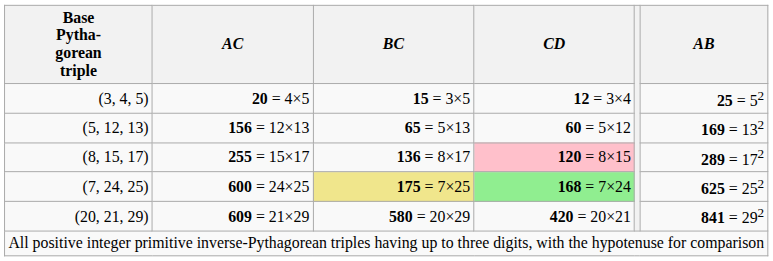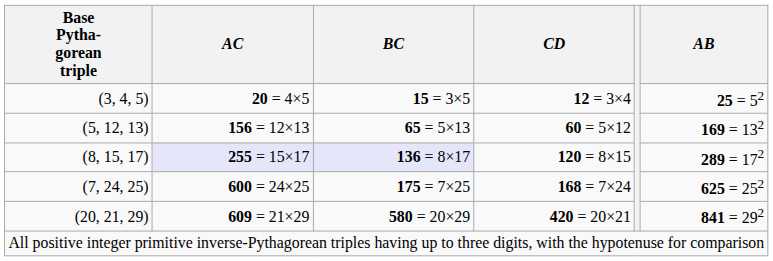 <table class="wikitable" style="text-align:right; float:right; clear:right; margin-left:1ex;">
 <tr>
 <th>Base<br>Pytha-<br>gorean<br>triple</th>
 <th><em>AC</em></th>
 <th><em>BC</em></th>
 <th><em>CD</em></th>
 <th rowspan="6" style="padding:1px;"></th>
 <th><em>AB</em></th>
 </tr>
 <tr>
 <td>(3, 4, 5)</td>
 <td><strong>20</strong> = 4×5</td>
 <td><strong>15</strong> = 3×5</td>
 <td><strong>12</strong> = 3×4</td>
 <td><strong>25</strong> = 5<sup>2</sup></td>
 </tr>
 <tr>
 <td>(5,       12,       13)</td>
 <td><strong>156</strong> =       12×13</td>
 <td><strong>65</strong> = 5×13</td>
 <td><strong>60</strong> = 5×12</td>
 <td><strong>169</strong> =       13<sup>2</sup></td>
 </tr>
 <tr>
 <td>(8,       15,       17)</td>
-<td><strong>255</strong> =       15×17</td>
-<td><strong>136</strong> = 8×17</td>
-<td style="background: pink;"><strong>120</strong> = 8×15</td>
+<td style="background: lavender;"><strong>255</strong> =       15×17</td>
+<td style="background: lavender;"><strong>136</strong> = 8×17</td>
+<td><strong>120</strong> = 8×15</td>
 <td><strong>289</strong> =       17<sup>2</sup></td>
 </tr>
 <tr>
 <td>(7,       24,       25)</td>
 <td><strong>600</strong> =       24×25</td>
-<td style="background: khaki;"><strong>175</strong> = 7×25</td>
-<td style="background: lightgreen;"><strong>168</strong> = 7×24</td>
+<td><strong>175</strong> = 7×25</td>
+<td><strong>168</strong> = 7×24</td>
 <td><strong>625</strong> =       25<sup>2</sup></td>
 </tr>
 <tr>
 <td>(20,       21,       29)</td>
 <td><strong>609</strong> =       21×29</td>
 <td><strong>580</strong> =       20×29</td>
 <td><strong>420</strong> =       20×21</td>
 <td><strong>841</strong> =       29<sup>2</sup></td>
 </tr>
 <tr>
 <td colspan="6" style="text-align:left;">All positive integer primitive inverse-Pythagorean triples having up to three digits, with the hypotenuse for comparison</td>
 </tr>
 </table>
